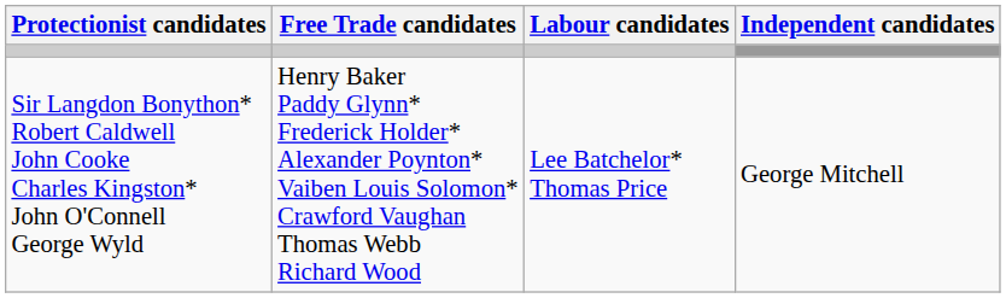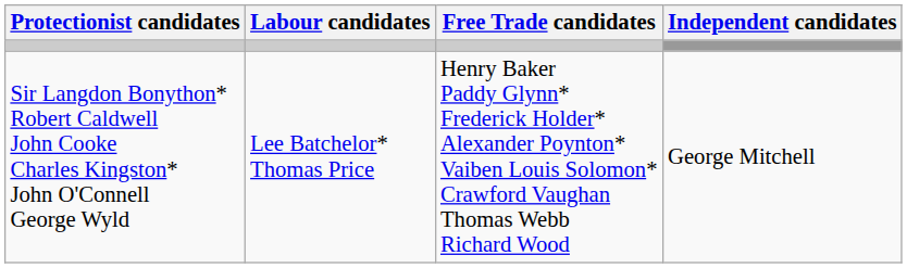 <table class="wikitable">
 <tr>
 <th><a href='#'>Protectionist</a> candidates</th>
+<th><a href='#'>Labour</a> candidates</th>
 <th><a href='#'>Free Trade</a> candidates</th>
-<th><a href='#'>Labour</a> candidates</th>
 <th><a href='#'>Independent</a> candidates</th>
 </tr>
 <tr bgcolor="#cccccc">
 <td></td>
 <td></td>
 <td></td>
 <td bgcolor="#999999"></td>
 </tr>
 <tr>
 <td><a href='#'>Sir Langdon Bonython</a>*<br><a href='#'>Robert Caldwell</a><br><a href='#'>John Cooke</a><br><a href='#'>Charles Kingston</a>*<br>John O'Connell<br>George Wyld</td>
+<td><a href='#'>Lee Batchelor</a>*<br><a href='#'>Thomas Price</a></td>
 <td>Henry Baker<br><a href='#'>Paddy Glynn</a>*<br><a href='#'>Frederick Holder</a>*<br><a href='#'>Alexander Poynton</a>*<br><a href='#'>Vaiben Louis Solomon</a>*<br><a href='#'>Crawford Vaughan</a><br>Thomas Webb<br><a href='#'>Richard Wood</a></td>
-<td><a href='#'>Lee Batchelor</a>*<br><a href='#'>Thomas Price</a></td>
 <td>George Mitchell</td>
 </tr>
 </table>
